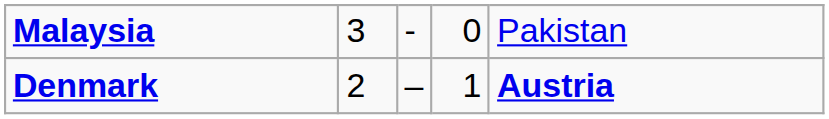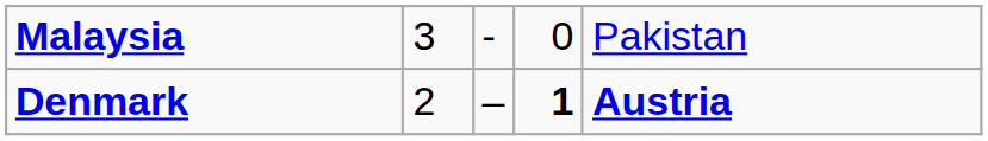 <table class="wikitable">
 <tr>
 <td width=150> <strong><a href='#'>Malaysia</a></strong></td>
 <td style="width:20px; text-align:left;">3</td>
 <td>-</td>
 <td style="width:20px; text-align:right;">0</td>
 <td width=150> <a href='#'>Pakistan</a></td>
 </tr>
 <tr>
 <td> <strong><a href='#'>Denmark</a></strong></td>
 <td style="text-align:left;">2</td>
 <td>–</td>
-<td style="text-align:right;">1</td>
+<td style="text-align:right;"><strong>1</strong></td>
 <td><strong> <a href='#'>Austria</a></strong></td>
 </tr>
 </table>
